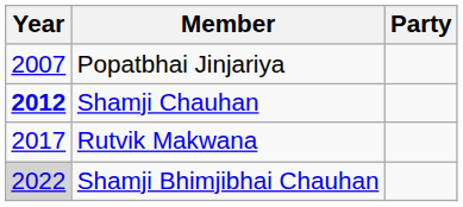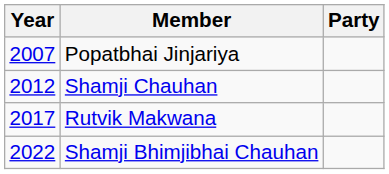 <table class="wikitable sortable">
 <tr>
 <th>Year</th>
 <th>Member</th>
 <th colspan="2">Party</th>
 </tr>
 <tr>
 <td><a href='#'>2007</a></td>
 <td>Popatbhai Jinjariya</td>
 <td></td>
 </tr>
 <tr>
-<td><strong><a href='#'>2012</a></strong></td>
+<td><a href='#'>2012</a></td>
 <td><a href='#'>Shamji Chauhan</a></td>
 <td></td>
 </tr>
 <tr>
 <td><a href='#'>2017</a></td>
 <td><a href='#'>Rutvik Makwana</a></td>
 <td></td>
 </tr>
 <tr>
-<td style="background: lightgrey;"><a href='#'>2022</a></td>
+<td><a href='#'>2022</a></td>
 <td><a href='#'>Shamji Bhimjibhai Chauhan</a></td>
 <td></td>
 </tr>
 </table>
